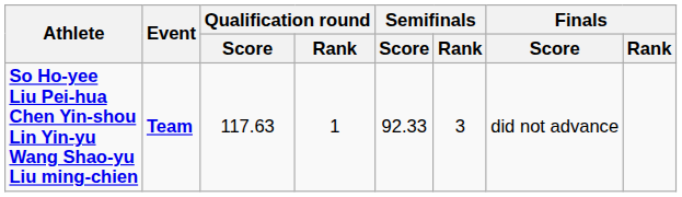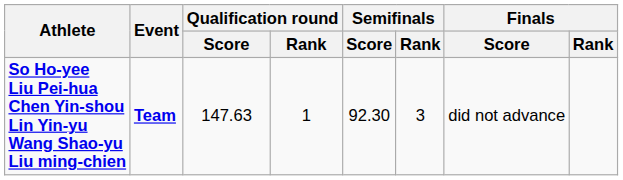 <table class="wikitable" style="font-size:90%; text-align:center">
 <tr>
 <th rowspan="2">Athlete</th>
 <th rowspan="2">Event</th>
 <th colspan="2">Qualification round</th>
 <th colspan="2">Semifinals</th>
 <th colspan="2">Finals</th>
 </tr>
 <tr>
 <th>Score</th>
 <th>Rank</th>
 <th>Score</th>
 <th>Rank</th>
 <th>Score</th>
 <th>Rank</th>
 </tr>
 <tr>
 <td align="left"><strong><a href='#'>So Ho-yee</a><br><a href='#'>Liu Pei-hua</a><br><a href='#'>Chen Yin-shou</a><br><a href='#'>Lin Yin-yu</a><br><a href='#'>Wang Shao-yu</a><br><a href='#'>Liu ming-chien</a></strong></td>
 <td align="left"><strong><a href='#'>Team</a></strong></td>
-<td>117.63</td>
+<td>147.63</td>
 <td>1 <strong></strong></td>
-<td>92.33</td>
+<td>92.30</td>
 <td>3</td>
 <td>did not advance</td>
 <td></td>
 </tr>
 </table>
